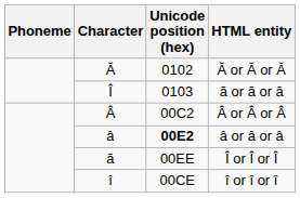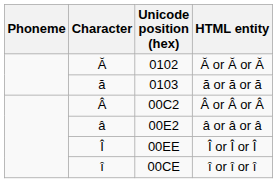 <table class="wikitable" style="text-align:center">
 <tr>
 <th>Phoneme</th>
 <th>Character</th>
 <th>Unicode<br>position<br>(hex)</th>
 <th>HTML entity</th>
 </tr>
 <tr>
 <td rowspan="2"></td>
 <td>Ă</td>
 <td>0102</td>
 <td>&Abreve; or &#x102; or &#258;</td>
 </tr>
 <tr>
-<td>Î</td>
+<td>ă</td>
 <td>0103</td>
 <td>&abreve; or &#x103; or &#259;</td>
 </tr>
 <tr>
 <td rowspan="4"></td>
 <td>Â</td>
 <td>00C2</td>
 <td>&Acirc; or &#xC2; or &#194;</td>
 </tr>
 <tr>
 <td>â</td>
-<td><strong>00E2</strong></td>
+<td>00E2</td>
 <td>&acirc; or &#xE2; or &#226;</td>
 </tr>
 <tr>
-<td>ă</td>
+<td>Î</td>
 <td>00EE</td>
 <td>&Icirc; or &#xCE; or &#206;</td>
 </tr>
 <tr>
 <td>î</td>
 <td>00CE</td>
 <td>&icirc; or &#xEE; or &#238;</td>
 </tr>
 </table>
